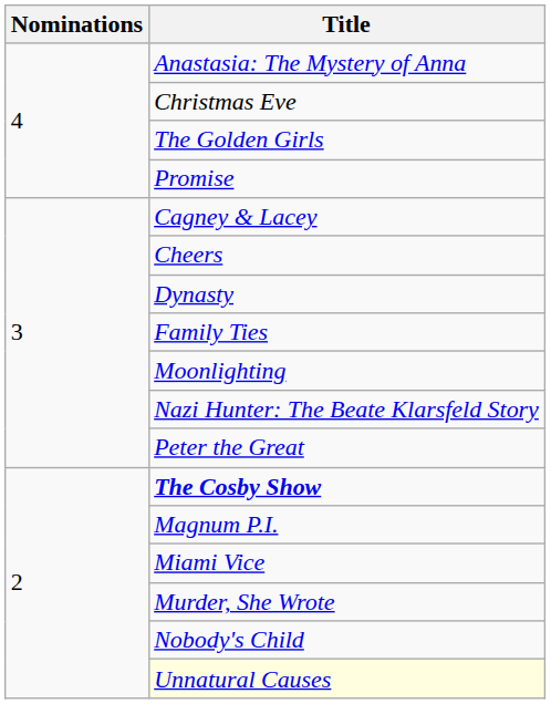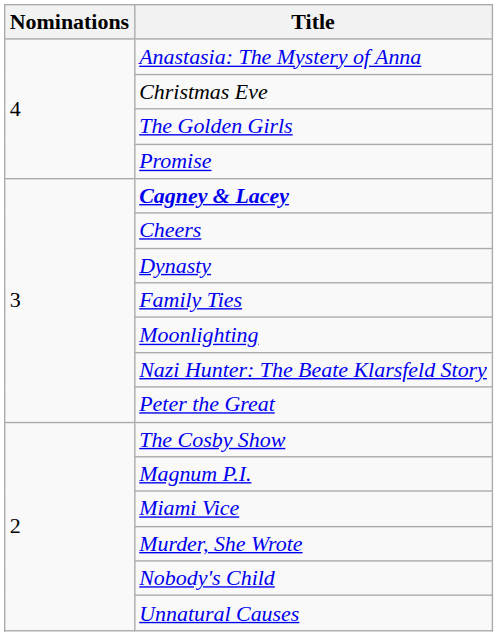 <table class="wikitable">
 <tr>
 <th>Nominations</th>
 <th>Title</th>
 </tr>
 <tr>
 <td rowspan="4">4</td>
 <td><em><a href='#'>Anastasia: The Mystery of Anna</a></em></td>
 </tr>
 <tr>
 <td><em>Christmas Eve</em></td>
 </tr>
 <tr>
 <td><em><a href='#'>The Golden Girls</a></em></td>
 </tr>
 <tr>
 <td><em><a href='#'>Promise</a></em></td>
 </tr>
 <tr>
 <td rowspan="7">3</td>
-<td><em><a href='#'>Cagney & Lacey</a></em></td>
+<td><strong><em><a href='#'>Cagney & Lacey</a></em></strong></td>
 </tr>
 <tr>
 <td><em><a href='#'>Cheers</a></em></td>
 </tr>
 <tr>
 <td><em><a href='#'>Dynasty</a></em></td>
 </tr>
 <tr>
 <td><em><a href='#'>Family Ties</a></em></td>
 </tr>
 <tr>
 <td><em><a href='#'>Moonlighting</a></em></td>
 </tr>
 <tr>
 <td><em><a href='#'>Nazi Hunter: The Beate Klarsfeld Story</a></em></td>
 </tr>
 <tr>
 <td><em><a href='#'>Peter the Great</a></em></td>
 </tr>
 <tr>
 <td rowspan="6">2</td>
-<td><strong><em><a href='#'>The Cosby Show</a></em></strong></td>
+<td><em><a href='#'>The Cosby Show</a></em></td>
 </tr>
 <tr>
 <td><em><a href='#'>Magnum P.I.</a></em></td>
 </tr>
 <tr>
 <td><em><a href='#'>Miami Vice</a></em></td>
 </tr>
 <tr>
 <td><em><a href='#'>Murder, She Wrote</a></em></td>
 </tr>
 <tr>
 <td><em><a href='#'>Nobody's Child</a></em></td>
 </tr>
 <tr>
-<td style="background: lightyellow;"><em><a href='#'>Unnatural Causes</a></em></td>
+<td><em><a href='#'>Unnatural Causes</a></em></td>
 </tr>
 </table>
